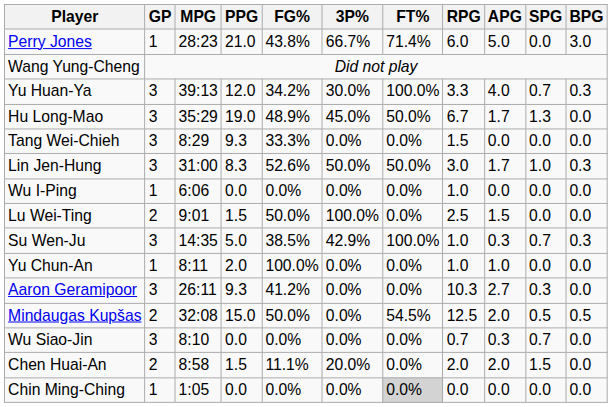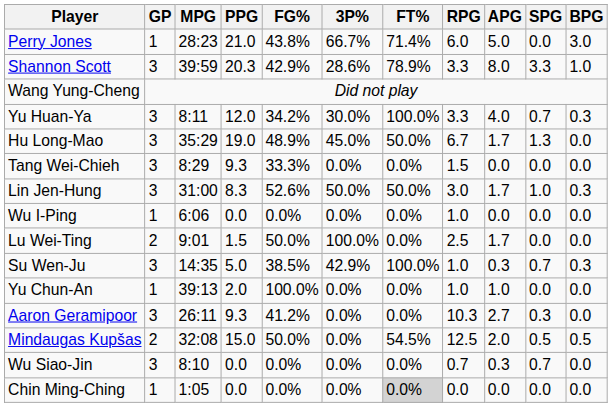 <table class="wikitable">
 <tr>
 <th>Player</th>
 <th>GP</th>
 <th>MPG</th>
 <th>PPG</th>
 <th>FG%</th>
 <th>3P%</th>
 <th>FT%</th>
 <th>RPG</th>
 <th>APG</th>
 <th>SPG</th>
 <th>BPG</th>
 </tr>
 <tr>
 <td><a href='#'>Perry Jones</a></td>
 <td>1</td>
 <td>28:23</td>
 <td>21.0</td>
 <td>43.8%</td>
 <td>66.7%</td>
 <td>71.4%</td>
 <td>6.0</td>
 <td>5.0</td>
 <td>0.0</td>
 <td>3.0</td>
 </tr>
 <tr>
+<td><a href='#'>Shannon Scott</a></td>
+<td>3</td>
+<td>39:59</td>
+<td>20.3</td>
+<td>42.9%</td>
+<td>28.6%</td>
+<td>78.9%</td>
+<td>3.3</td>
+<td>8.0</td>
+<td>3.3</td>
+<td>1.0</td>
+</tr>
+<tr>
 <td>Wang Yung-Cheng</td>
 <td colspan=10 align=center><em>Did not play</em></td>
 </tr>
 <tr>
 <td>Yu Huan-Ya</td>
 <td>3</td>
-<td>39:13</td>
+<td>8:11</td>
 <td>12.0</td>
 <td>34.2%</td>
 <td>30.0%</td>
 <td>100.0%</td>
 <td>3.3</td>
 <td>4.0</td>
 <td>0.7</td>
 <td>0.3</td>
 </tr>
 <tr>
 <td>Hu Long-Mao</td>
 <td>3</td>
 <td>35:29</td>
 <td>19.0</td>
 <td>48.9%</td>
 <td>45.0%</td>
 <td>50.0%</td>
 <td>6.7</td>
 <td>1.7</td>
 <td>1.3</td>
 <td>0.0</td>
 </tr>
 <tr>
 <td>Tang Wei-Chieh</td>
 <td>3</td>
 <td>8:29</td>
 <td>9.3</td>
 <td>33.3%</td>
 <td>0.0%</td>
 <td>0.0%</td>
 <td>1.5</td>
 <td>0.0</td>
 <td>0.0</td>
 <td>0.0</td>
 </tr>
 <tr>
 <td>Lin Jen-Hung</td>
 <td>3</td>
 <td>31:00</td>
 <td>8.3</td>
 <td>52.6%</td>
 <td>50.0%</td>
 <td>50.0%</td>
 <td>3.0</td>
 <td>1.7</td>
 <td>1.0</td>
 <td>0.3</td>
 </tr>
 <tr>
 <td>Wu I-Ping</td>
 <td>1</td>
 <td>6:06</td>
 <td>0.0</td>
 <td>0.0%</td>
 <td>0.0%</td>
 <td>0.0%</td>
 <td>1.0</td>
 <td>0.0</td>
 <td>0.0</td>
 <td>0.0</td>
 </tr>
 <tr>
 <td>Lu Wei-Ting</td>
 <td>2</td>
 <td>9:01</td>
 <td>1.5</td>
 <td>50.0%</td>
 <td>100.0%</td>
 <td>0.0%</td>
 <td>2.5</td>
-<td>1.5</td>
+<td>1.7</td>
 <td>0.0</td>
 <td>0.0</td>
 </tr>
 <tr>
 <td>Su Wen-Ju</td>
 <td>3</td>
 <td>14:35</td>
 <td>5.0</td>
 <td>38.5%</td>
 <td>42.9%</td>
 <td>100.0%</td>
 <td>1.0</td>
 <td>0.3</td>
 <td>0.7</td>
 <td>0.3</td>
 </tr>
 <tr>
 <td>Yu Chun-An</td>
 <td>1</td>
-<td>8:11</td>
+<td>39:13</td>
 <td>2.0</td>
 <td>100.0%</td>
 <td>0.0%</td>
 <td>0.0%</td>
 <td>1.0</td>
 <td>1.0</td>
 <td>0.0</td>
 <td>0.0</td>
 </tr>
 <tr>
 <td><a href='#'>Aaron Geramipoor</a></td>
 <td>3</td>
 <td>26:11</td>
 <td>9.3</td>
 <td>41.2%</td>
 <td>0.0%</td>
 <td>0.0%</td>
 <td>10.3</td>
 <td>2.7</td>
 <td>0.3</td>
 <td>0.0</td>
 </tr>
 <tr>
 <td><a href='#'>Mindaugas Kupšas</a></td>
 <td>2</td>
 <td>32:08</td>
 <td>15.0</td>
 <td>50.0%</td>
 <td>0.0%</td>
 <td>54.5%</td>
 <td>12.5</td>
 <td>2.0</td>
 <td>0.5</td>
 <td>0.5</td>
 </tr>
 <tr>
 <td>Wu Siao-Jin</td>
 <td>3</td>
 <td>8:10</td>
 <td>0.0</td>
 <td>0.0%</td>
 <td>0.0%</td>
 <td>0.0%</td>
 <td>0.7</td>
 <td>0.3</td>
 <td>0.7</td>
 <td>0.0</td>
 </tr>
 <tr>
-<td>Chen Huai-An</td>
-<td>2</td>
-<td>8:58</td>
-<td>1.5</td>
-<td>11.1%</td>
-<td>20.0%</td>
-<td>0.0%</td>
-<td>2.0</td>
-<td>2.0</td>
-<td>1.5</td>
-<td>0.0</td>
-</tr>
-<tr>
 <td>Chin Ming-Ching</td>
 <td>1</td>
 <td>1:05</td>
 <td>0.0</td>
 <td>0.0%</td>
 <td>0.0%</td>
 <td style="background: lightgrey;">0.0%</td>
 <td>0.0</td>
 <td>0.0</td>
 <td>0.0</td>
 <td>0.0</td>
 </tr>
 </table>
